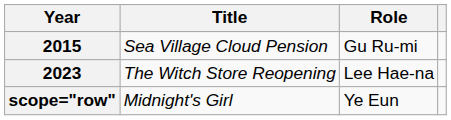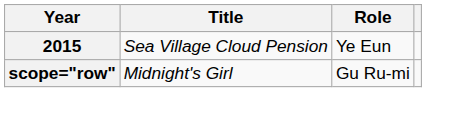 <table class="wikitable plainrowheaders">
 <tr>
 <th scope="col">Year</th>
 <th scope="col">Title</th>
 <th scope="col">Role</th>
 <th scope="col"></th>
 </tr>
 <tr>
 <th scope="row">2015</th>
 <td><em>Sea Village Cloud Pension</em></td>
-<td>Gu Ru-mi</td>
-<td style="text-align:center"></td>
-</tr>
-<tr>
-<th scope="row">2023</th>
-<td><em>The Witch Store Reopening</em></td>
-<td>Lee Hae-na</td>
+<td>Ye Eun</td>
 <td style="text-align:center"></td>
 </tr>
 <tr>
 <th>scope="row" </th>
 <td><em>Midnight's Girl</em></td>
-<td>Ye Eun</td>
+<td>Gu Ru-mi</td>
 <td style="text-align:center"></td>
 </tr>
 </table>
